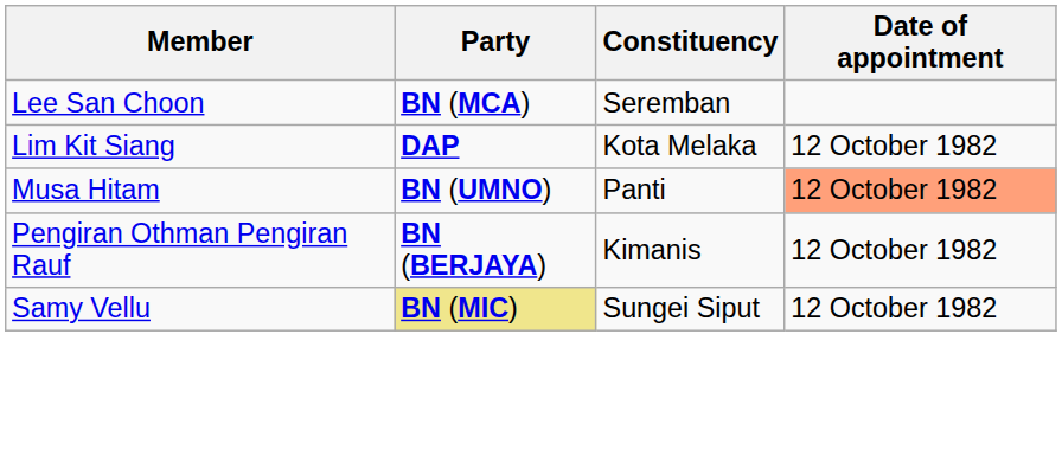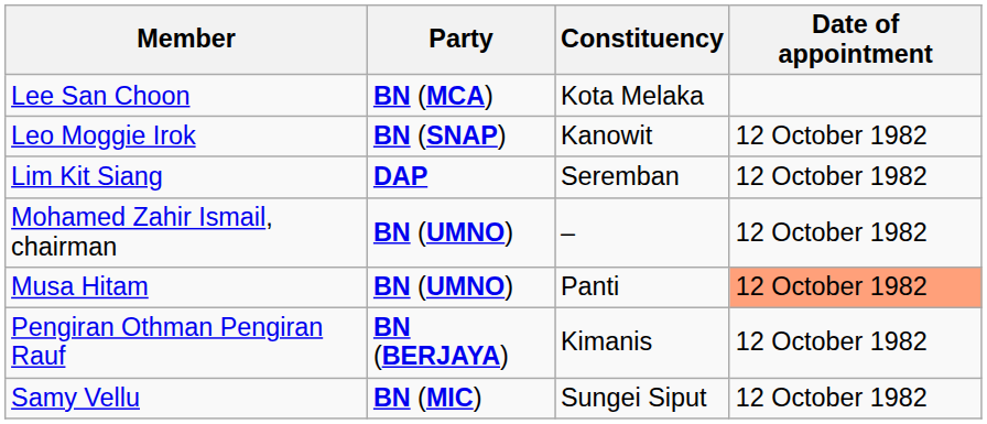 <table class=wikitable>
 <tr>
 <th>Member</th>
 <th>Party</th>
 <th>Constituency</th>
 <th>Date of appointment</th>
 </tr>
 <tr>
 <td><a href='#'>Lee San Choon</a></td>
 <td><strong><a href='#'>BN</a></strong> (<strong><a href='#'>MCA</a></strong>)</td>
-<td>Seremban</td>
+<td>Kota Melaka</td>
 <td></td>
+</tr>
+<tr>
+<td><a href='#'>Leo Moggie Irok</a></td>
+<td><strong><a href='#'>BN</a></strong> (<strong><a href='#'>SNAP</a></strong>)</td>
+<td>Kanowit</td>
+<td>12 October 1982</td>
 </tr>
 <tr>
 <td><a href='#'>Lim Kit Siang</a></td>
 <td><strong><a href='#'>DAP</a></strong></td>
-<td>Kota Melaka</td>
+<td>Seremban</td>
+<td>12 October 1982</td>
+</tr>
+<tr>
+<td><a href='#'>Mohamed Zahir Ismail</a>, chairman</td>
+<td><strong><a href='#'>BN</a></strong> (<strong><a href='#'>UMNO</a></strong>)</td>
+<td>–</td>
 <td>12 October 1982</td>
 </tr>
 <tr>
 <td><a href='#'>Musa Hitam</a></td>
 <td><strong><a href='#'>BN</a></strong> (<strong><a href='#'>UMNO</a></strong>)</td>
 <td>Panti</td>
 <td style="background: lightsalmon;">12 October 1982</td>
 </tr>
 <tr>
 <td><a href='#'>Pengiran Othman Pengiran Rauf</a></td>
 <td><strong><a href='#'>BN</a></strong> (<strong><a href='#'>BERJAYA</a></strong>)</td>
 <td>Kimanis</td>
 <td>12 October 1982</td>
 </tr>
 <tr>
 <td><a href='#'>Samy Vellu</a></td>
-<td style="background: khaki;"><strong><a href='#'>BN</a></strong> (<strong><a href='#'>MIC</a></strong>)</td>
+<td><strong><a href='#'>BN</a></strong> (<strong><a href='#'>MIC</a></strong>)</td>
 <td>Sungei Siput</td>
 <td>12 October 1982</td>
 </tr>
 </table>
